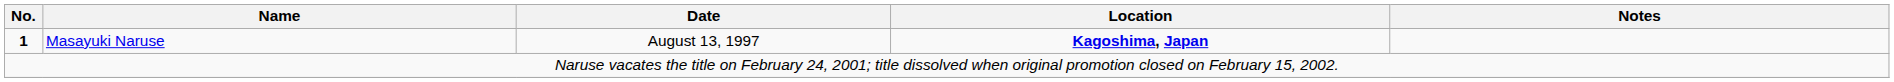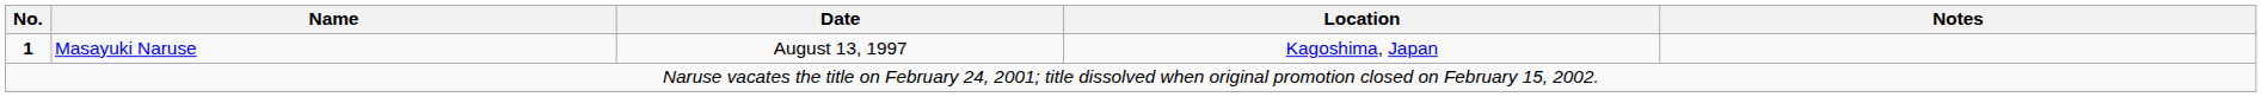 <table class="wikitable"  style="width:99%; text-align:center;">
 <tr>
 <th style="width:1%;">No.</th>
 <th style="width:19%;">Name</th>
 <th style="width:15%;">Date</th>
 <th style="width:20%;">Location</th>
 <th style="width:20%;">Notes</th>
 </tr>
 <tr>
 <td align=center><strong>1</strong></td>
 <td align="left"> <a href='#'>Masayuki Naruse</a><br></td>
 <td>August 13, 1997<br></td>
-<td><strong><a href='#'>Kagoshima</a>, <a href='#'>Japan</a></strong></td>
+<td><a href='#'>Kagoshima</a>, <a href='#'>Japan</a></td>
 <td></td>
 </tr>
 <tr>
 <td align="center" colspan="5"><em>Naruse vacates the title on February 24, 2001; title dissolved when original promotion closed on February 15, 2002.</em></td>
 </tr>
 <tr>
 </tr>
 </table>
